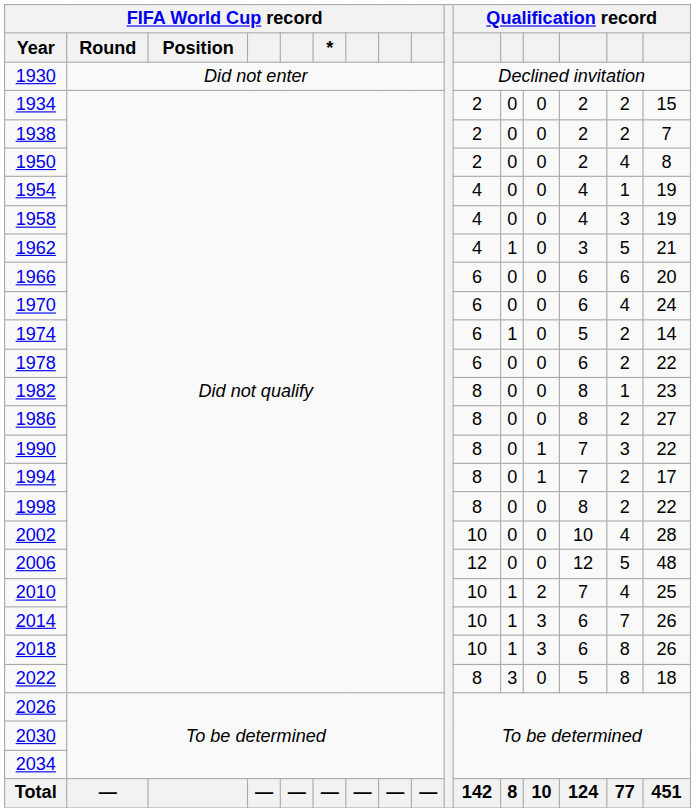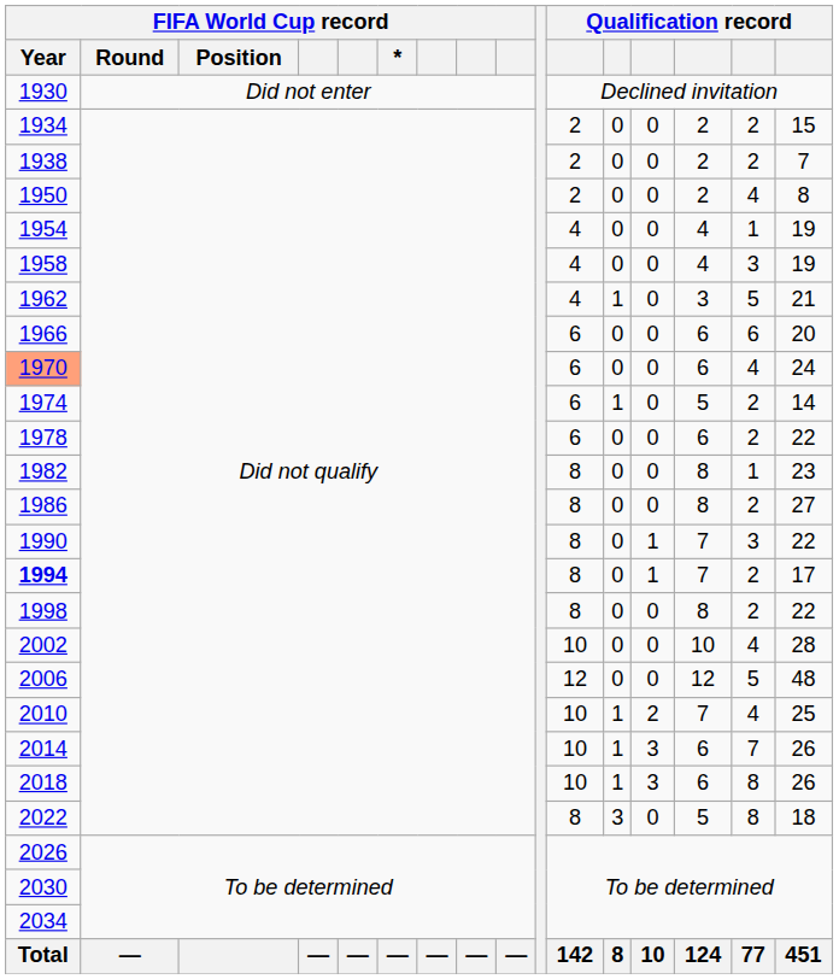 <table class="wikitable" style="text-align: center;">
 <tr>
 <th colspan=9><a href='#'>FIFA World Cup</a> record</th>
 <th width=1% rowspan=28></th>
 <th colspan=7><a href='#'>Qualification</a> record</th>
 </tr>
 <tr>
 <th>Year</th>
 <th>Round</th>
 <th>Position</th>
 <th></th>
 <th></th>
 <th>*</th>
 <th></th>
 <th></th>
 <th></th>
 <th></th>
 <th></th>
 <th></th>
 <th></th>
 <th></th>
 <th></th>
 </tr>
 <tr>
 <td> <a href='#'>1930</a></td>
 <td colspan=8><em>Did not enter</em></td>
 <td colspan=6><em>Declined invitation</em></td>
 </tr>
 <tr>
 <td> <a href='#'>1934</a></td>
 <td colspan=8 rowspan=21><em>Did not qualify</em></td>
 <td>2</td>
 <td>0</td>
 <td>0</td>
 <td>2</td>
 <td>2</td>
 <td>15</td>
 </tr>
 <tr>
 <td> <a href='#'>1938</a></td>
 <td>2</td>
 <td>0</td>
 <td>0</td>
 <td>2</td>
 <td>2</td>
 <td>7</td>
 </tr>
 <tr>
 <td> <a href='#'>1950</a></td>
 <td>2</td>
 <td>0</td>
 <td>0</td>
 <td>2</td>
 <td>4</td>
 <td>8</td>
 </tr>
 <tr>
 <td> <a href='#'>1954</a></td>
 <td>4</td>
 <td>0</td>
 <td>0</td>
 <td>4</td>
 <td>1</td>
 <td>19</td>
 </tr>
 <tr>
 <td> <a href='#'>1958</a></td>
 <td>4</td>
 <td>0</td>
 <td>0</td>
 <td>4</td>
 <td>3</td>
 <td>19</td>
 </tr>
 <tr>
 <td> <a href='#'>1962</a></td>
 <td>4</td>
 <td>1</td>
 <td>0</td>
 <td>3</td>
 <td>5</td>
 <td>21</td>
 </tr>
 <tr>
 <td> <a href='#'>1966</a></td>
 <td>6</td>
 <td>0</td>
 <td>0</td>
 <td>6</td>
 <td>6</td>
 <td>20</td>
 </tr>
 <tr>
-<td> <a href='#'>1970</a></td>
+<td style="background: lightsalmon;"> <a href='#'>1970</a></td>
 <td>6</td>
 <td>0</td>
 <td>0</td>
 <td>6</td>
 <td>4</td>
 <td>24</td>
 </tr>
 <tr>
 <td> <a href='#'>1974</a></td>
 <td>6</td>
 <td>1</td>
 <td>0</td>
 <td>5</td>
 <td>2</td>
 <td>14</td>
 </tr>
 <tr>
 <td> <a href='#'>1978</a></td>
 <td>6</td>
 <td>0</td>
 <td>0</td>
 <td>6</td>
 <td>2</td>
 <td>22</td>
 </tr>
 <tr>
 <td> <a href='#'>1982</a></td>
 <td>8</td>
 <td>0</td>
 <td>0</td>
 <td>8</td>
 <td>1</td>
 <td>23</td>
 </tr>
 <tr>
 <td> <a href='#'>1986</a></td>
 <td>8</td>
 <td>0</td>
 <td>0</td>
 <td>8</td>
 <td>2</td>
 <td>27</td>
 </tr>
 <tr>
 <td> <a href='#'>1990</a></td>
 <td>8</td>
 <td>0</td>
 <td>1</td>
 <td>7</td>
 <td>3</td>
 <td>22</td>
 </tr>
 <tr>
-<td> <a href='#'>1994</a></td>
+<td><strong> <a href='#'>1994</a></strong></td>
 <td>8</td>
 <td>0</td>
 <td>1</td>
 <td>7</td>
 <td>2</td>
 <td>17</td>
 </tr>
 <tr>
 <td> <a href='#'>1998</a></td>
 <td>8</td>
 <td>0</td>
 <td>0</td>
 <td>8</td>
 <td>2</td>
 <td>22</td>
 </tr>
 <tr>
 <td>  <a href='#'>2002</a></td>
 <td>10</td>
 <td>0</td>
 <td>0</td>
 <td>10</td>
 <td>4</td>
 <td>28</td>
 </tr>
 <tr>
 <td> <a href='#'>2006</a></td>
 <td>12</td>
 <td>0</td>
 <td>0</td>
 <td>12</td>
 <td>5</td>
 <td>48</td>
 </tr>
 <tr>
 <td> <a href='#'>2010</a></td>
 <td>10</td>
 <td>1</td>
 <td>2</td>
 <td>7</td>
 <td>4</td>
 <td>25</td>
 </tr>
 <tr>
 <td> <a href='#'>2014</a></td>
 <td>10</td>
 <td>1</td>
 <td>3</td>
 <td>6</td>
 <td>7</td>
 <td>26</td>
 </tr>
 <tr>
 <td> <a href='#'>2018</a></td>
 <td>10</td>
 <td>1</td>
 <td>3</td>
 <td>6</td>
 <td>8</td>
 <td>26</td>
 </tr>
 <tr>
 <td> <a href='#'>2022</a></td>
 <td>8</td>
 <td>3</td>
 <td>0</td>
 <td>5</td>
 <td>8</td>
 <td>18</td>
 </tr>
 <tr>
 <td>   <a href='#'>2026</a></td>
 <td colspan=8 rowspan=3><em>To be determined</em></td>
 <td colspan=6 rowspan=3><em>To be determined</em></td>
 </tr>
 <tr>
 <td>   <a href='#'>2030</a></td>
 </tr>
 <tr>
 <td> <a href='#'>2034</a></td>
 </tr>
 <tr>
 <th>Total</th>
 <th>—</th>
 <th></th>
 <th>—</th>
 <th>—</th>
 <th>—</th>
 <th>—</th>
 <th>—</th>
 <th>—</th>
 <th>142</th>
 <th>8</th>
 <th>10</th>
 <th>124</th>
 <th>77</th>
 <th>451</th>
 </tr>
 </table>
